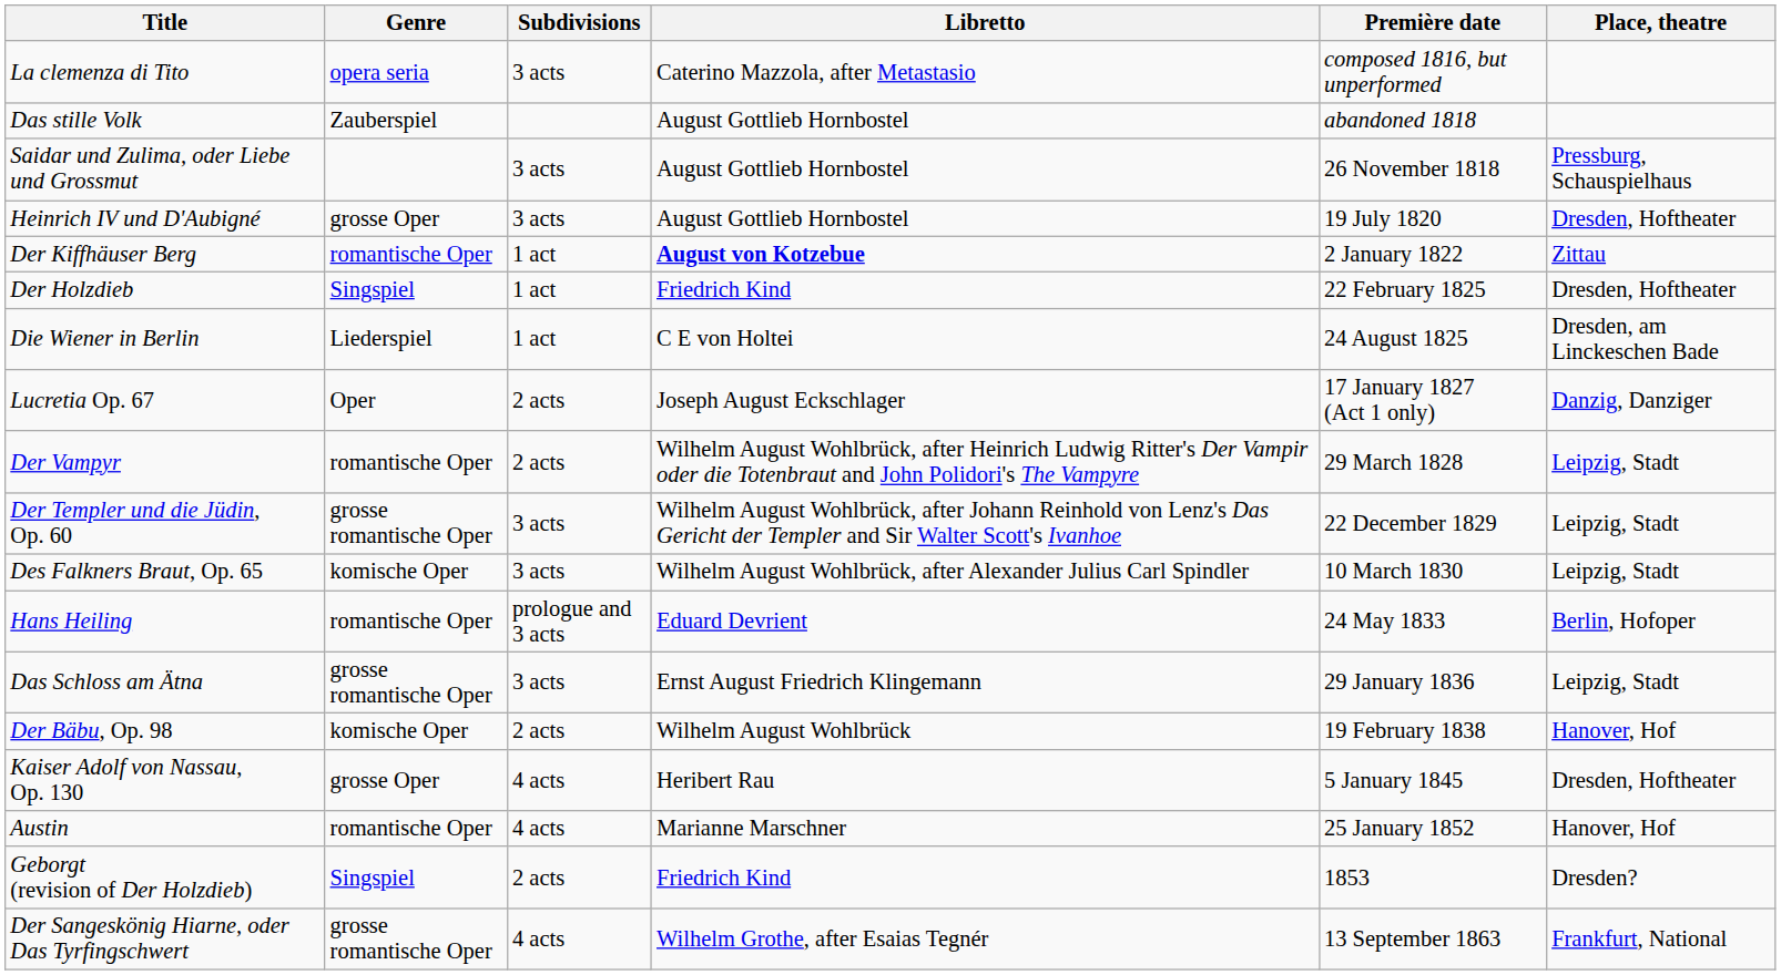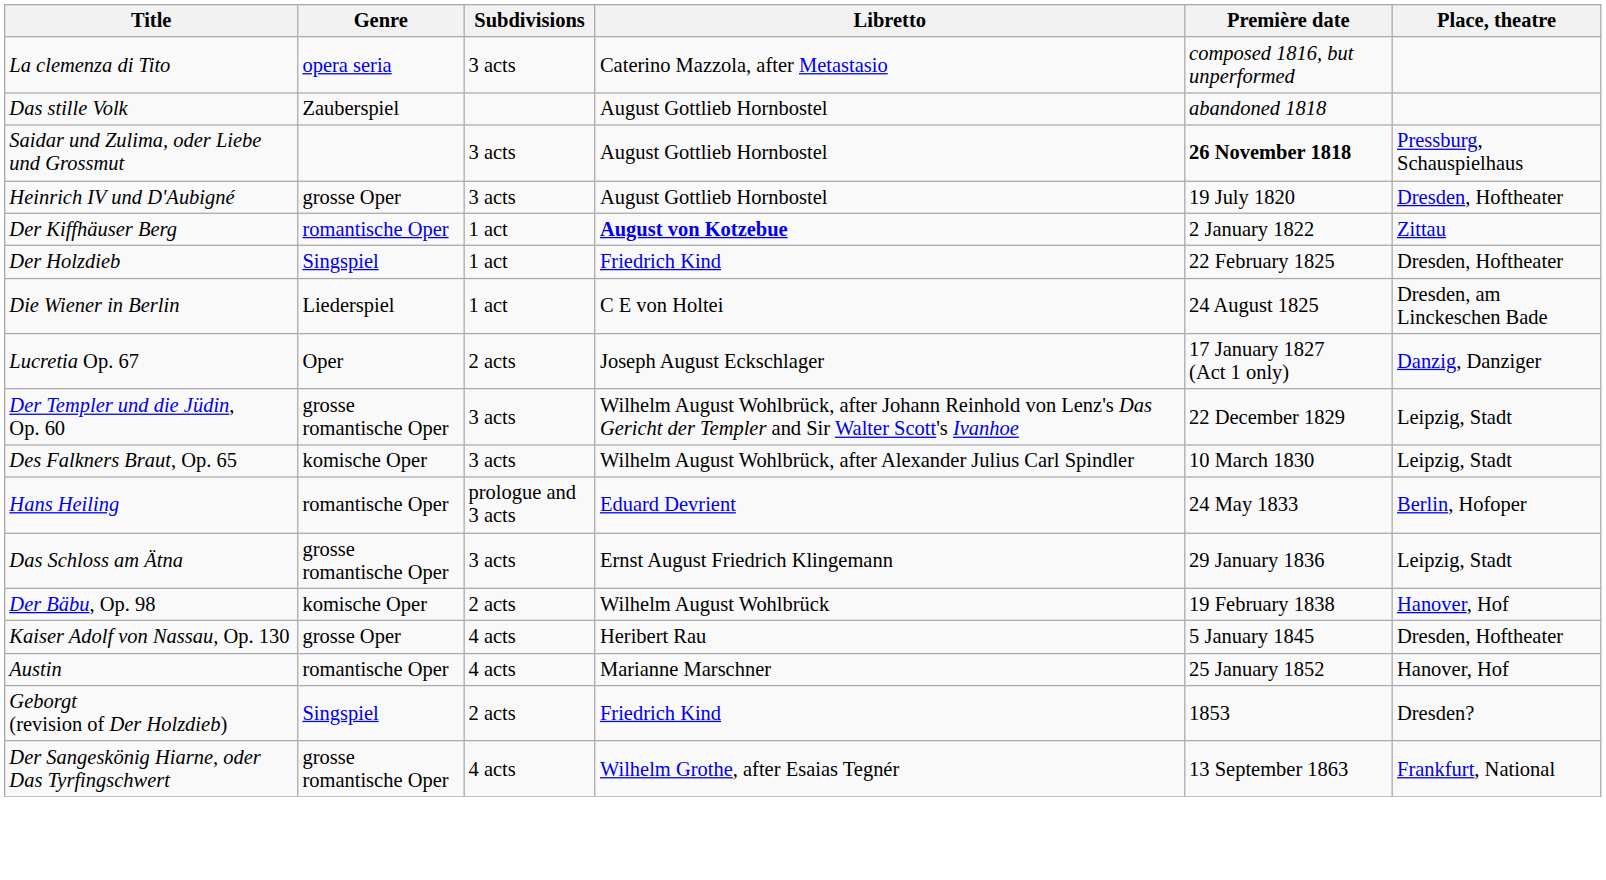 <table class="wikitable sortable">
 <tr>
 <th>Title</th>
 <th>Genre</th>
 <th>Sub­divisions</th>
 <th>Libretto</th>
 <th>Première date</th>
 <th>Place, theatre</th>
 </tr>
 <tr>
 <td><em>La clemenza di Tito</em></td>
 <td><a href='#'>opera seria</a></td>
 <td>3 acts</td>
 <td>Caterino Mazzola, after <a href='#'>Metastasio</a></td>
 <td><em>composed 1816, but unperformed</em></td>
 <td></td>
 </tr>
 <tr>
 <td><em>Das stille Volk</em></td>
 <td>Zauberspiel</td>
 <td></td>
 <td>August Gottlieb Hornbostel</td>
 <td><em>abandoned 1818</em></td>
 <td></td>
 </tr>
 <tr>
 <td><em>Saidar und Zulima, oder Liebe und Grossmut</em></td>
 <td></td>
 <td>3 acts</td>
 <td>August Gottlieb Hornbostel</td>
-<td>26 November 1818</td>
+<td><strong>26 November 1818</strong></td>
 <td><a href='#'>Pressburg</a>, Schauspielhaus</td>
 </tr>
 <tr>
 <td><em>Heinrich IV und D'Aubigné</em></td>
 <td>grosse Oper</td>
 <td>3 acts</td>
 <td>August Gottlieb Hornbostel</td>
 <td>19 July 1820</td>
 <td><a href='#'>Dresden</a>, Hoftheater</td>
 </tr>
 <tr>
 <td><em>Der Kiffhäuser Berg</em></td>
 <td><a href='#'>romantische Oper</a></td>
 <td>1 act</td>
 <td><strong><a href='#'>August von Kotzebue</a></strong></td>
 <td>2 January 1822</td>
 <td><a href='#'>Zittau</a></td>
 </tr>
 <tr>
 <td><em>Der Holzdieb</em></td>
 <td><a href='#'>Singspiel</a></td>
 <td>1 act</td>
 <td><a href='#'>Friedrich Kind</a></td>
 <td>22 February 1825</td>
 <td>Dresden, Hoftheater</td>
 </tr>
 <tr>
 <td><em>Die Wiener in Berlin</em></td>
 <td>Liederspiel</td>
 <td>1 act</td>
 <td>C E von Holtei</td>
 <td>24 August 1825</td>
 <td>Dresden, am Linckeschen Bade</td>
 </tr>
 <tr>
 <td><em>Lucretia</em> Op. 67</td>
 <td>Oper</td>
 <td>2 acts</td>
 <td>Joseph August Eckschlager</td>
 <td>17 January 1827<br>(Act 1 only)</td>
 <td><a href='#'>Danzig</a>, Danziger</td>
-</tr>
-<tr>
-<td><em><a href='#'>Der Vampyr</a></em></td>
-<td>romantische Oper</td>
-<td>2 acts</td>
-<td>Wilhelm August Wohlbrück, after Heinrich Ludwig Ritter's <em>Der Vampir oder die Totenbraut</em> and <a href='#'>John Polidori</a>'s <em><a href='#'>The Vampyre</a></em></td>
-<td>29 March 1828</td>
-<td><a href='#'>Leipzig</a>, Stadt</td>
 </tr>
 <tr>
 <td><em><a href='#'>Der Templer und die Jüdin</a></em>, Op. 60</td>
 <td>grosse romantische Oper</td>
 <td>3 acts</td>
 <td>Wilhelm August Wohlbrück, after Johann Reinhold von Lenz's <em>Das Gericht der Templer</em> and Sir <a href='#'>Walter Scott</a>'s <em><a href='#'>Ivanhoe</a></em></td>
 <td>22 December 1829</td>
 <td>Leipzig, Stadt</td>
 </tr>
 <tr>
 <td><em>Des Falkners Braut</em>, Op. 65</td>
 <td>komische Oper</td>
 <td>3 acts</td>
 <td>Wilhelm August Wohlbrück, after Alexander Julius Carl Spindler</td>
 <td>10 March 1830</td>
 <td>Leipzig, Stadt</td>
 </tr>
 <tr>
 <td><em><a href='#'>Hans Heiling</a></em></td>
 <td>romantische Oper</td>
 <td>prologue and 3 acts</td>
 <td><a href='#'>Eduard Devrient</a></td>
 <td>24 May 1833</td>
 <td><a href='#'>Berlin</a>, Hofoper</td>
 </tr>
 <tr>
 <td><em>Das Schloss am Ätna</em></td>
 <td>grosse romantische Oper</td>
 <td>3 acts</td>
 <td>Ernst August Friedrich Klingemann</td>
 <td>29 January 1836</td>
 <td>Leipzig, Stadt</td>
 </tr>
 <tr>
 <td><em><a href='#'>Der Bäbu</a></em>, Op. 98</td>
 <td>komische Oper</td>
 <td>2 acts</td>
 <td>Wilhelm August Wohlbrück</td>
 <td>19 February 1838</td>
 <td><a href='#'>Hanover</a>, Hof</td>
 </tr>
 <tr>
 <td><em>Kaiser Adolf von Nassau</em>, Op. 130</td>
 <td>grosse Oper</td>
 <td>4 acts</td>
 <td>Heribert Rau</td>
 <td>5 January 1845</td>
 <td>Dresden, Hoftheater</td>
 </tr>
 <tr>
 <td><em>Austin</em></td>
 <td>romantische Oper</td>
 <td>4 acts</td>
 <td>Marianne Marschner</td>
 <td>25 January 1852</td>
 <td>Hanover, Hof</td>
 </tr>
 <tr>
 <td><em>Geborgt</em><br>(revision of <em>Der Holzdieb</em>)</td>
 <td><a href='#'>Singspiel</a></td>
 <td>2 acts</td>
 <td><a href='#'>Friedrich Kind</a></td>
 <td>1853</td>
 <td>Dresden?</td>
 </tr>
 <tr>
 <td><em>Der Sangeskönig Hiarne, oder Das Tyrfingschwert</em></td>
 <td>grosse romantische Oper</td>
 <td>4 acts</td>
 <td><a href='#'>Wilhelm Grothe</a>, after Esaias Tegnér</td>
 <td>13 September 1863</td>
 <td><a href='#'>Frankfurt</a>, National</td>
 </tr>
 </table>
